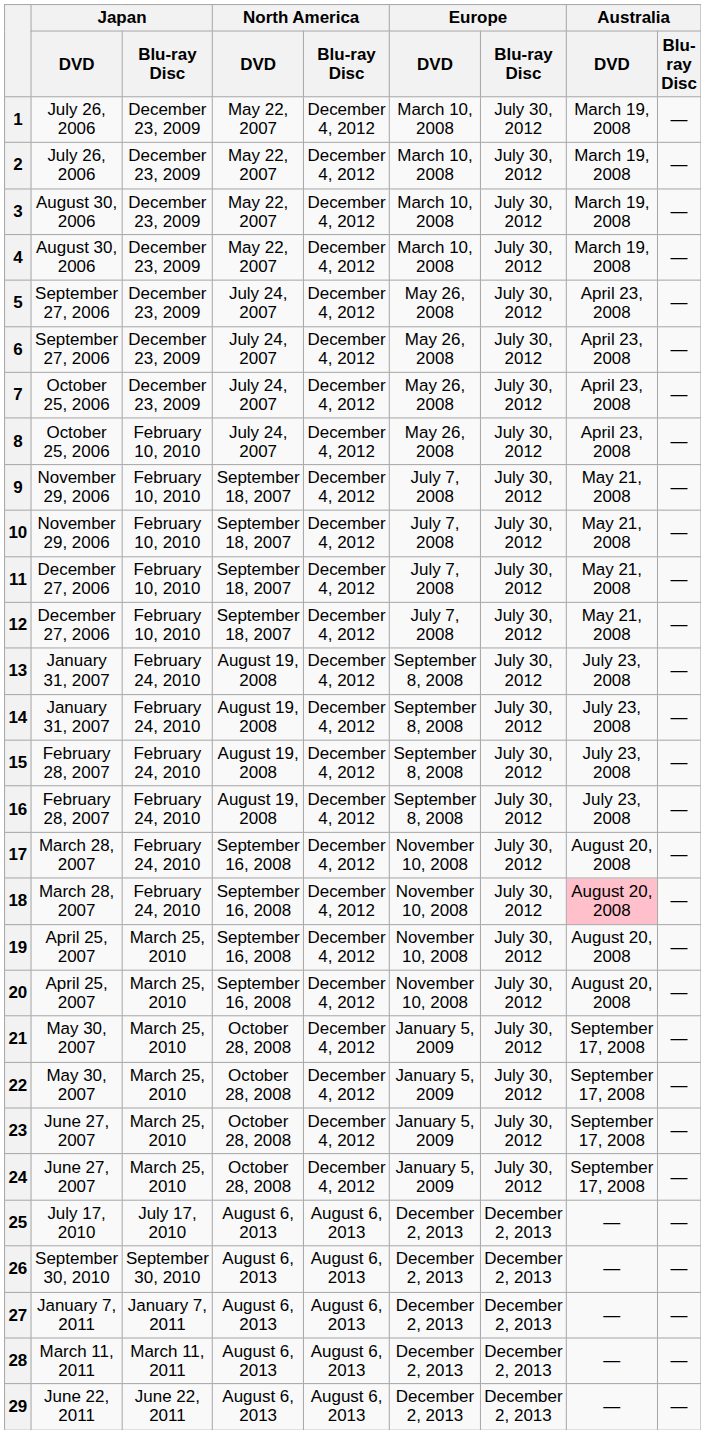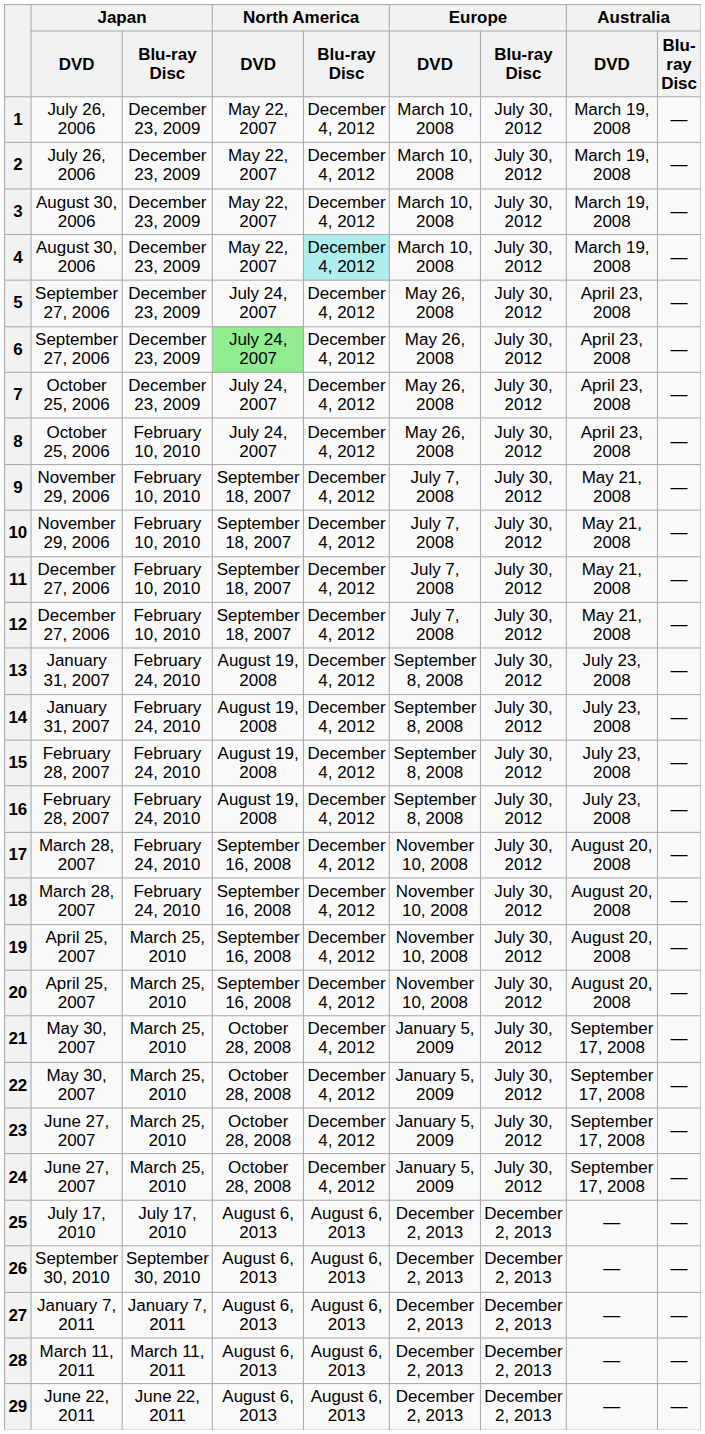 <table class="wikitable" style="text-align: center; width: 99%;">
 <tr>
 <th scope="col" rowspan=2 style="width:  4%;"></th>
 <th scope="col" colspan=2 style="width: 24%;">Japan</th>
 <th scope="col" colspan=2 style="width: 24%;">North America</th>
 <th scope="col" colspan=2 style="width: 24%;">Europe</th>
 <th scope="col" colspan=2 style="width: 24%;">Australia</th>
 </tr>
 <tr>
 <th scope="col"           style="width: 12%;">DVD</th>
 <th scope="col"           style="width: 12%;">Blu-ray Disc</th>
 <th scope="col"           style="width: 12%;">DVD</th>
 <th scope="col"           style="width: 12%;">Blu-ray Disc</th>
 <th scope="col"           style="width: 12%;">DVD</th>
 <th scope="col"           style="width: 12%;">Blu-ray Disc</th>
 <th scope="col"           style="width: 12%;">DVD</th>
 <th scope="col"           style="width: 12%;">Blu-ray Disc</th>
 </tr>
 <tr>
 <th scope="row">1</th>
 <td>July 26, 2006</td>
 <td>December 23, 2009</td>
 <td>May 22, 2007</td>
 <td>December 4, 2012</td>
 <td>March 10, 2008</td>
 <td>July 30, 2012</td>
 <td>March 19, 2008</td>
 <td>—</td>
 </tr>
 <tr>
 <th scope="row">2</th>
 <td>July 26, 2006</td>
 <td>December 23, 2009</td>
 <td>May 22, 2007</td>
 <td>December 4, 2012</td>
 <td>March 10, 2008</td>
 <td>July 30, 2012</td>
 <td>March 19, 2008</td>
 <td>—</td>
 </tr>
 <tr>
 <th scope="row">3</th>
 <td>August 30, 2006</td>
 <td>December 23, 2009</td>
 <td>May 22, 2007</td>
 <td>December 4, 2012</td>
 <td>March 10, 2008</td>
 <td>July 30, 2012</td>
 <td>March 19, 2008</td>
 <td>—</td>
 </tr>
 <tr>
 <th scope="row">4</th>
 <td>August 30, 2006</td>
 <td>December 23, 2009</td>
 <td>May 22, 2007</td>
-<td>December 4, 2012</td>
+<td style="background: paleturquoise;">December 4, 2012</td>
 <td>March 10, 2008</td>
 <td>July 30, 2012</td>
 <td>March 19, 2008</td>
 <td>—</td>
 </tr>
 <tr>
 <th scope="row">5</th>
 <td>September 27, 2006</td>
 <td>December 23, 2009</td>
 <td>July 24, 2007</td>
 <td>December 4, 2012</td>
 <td>May 26, 2008</td>
 <td>July 30, 2012</td>
 <td>April 23, 2008</td>
 <td>—</td>
 </tr>
 <tr>
 <th scope="row">6</th>
 <td>September 27, 2006</td>
 <td>December 23, 2009</td>
-<td>July 24, 2007</td>
+<td style="background: lightgreen;">July 24, 2007</td>
 <td>December 4, 2012</td>
 <td>May 26, 2008</td>
 <td>July 30, 2012</td>
 <td>April 23, 2008</td>
 <td>—</td>
 </tr>
 <tr>
 <th scope="row">7</th>
 <td>October 25, 2006</td>
 <td>December 23, 2009</td>
 <td>July 24, 2007</td>
 <td>December 4, 2012</td>
 <td>May 26, 2008</td>
 <td>July 30, 2012</td>
 <td>April 23, 2008</td>
 <td>—</td>
 </tr>
 <tr>
 <th scope="row">8</th>
 <td>October 25, 2006</td>
 <td>February 10, 2010</td>
 <td>July 24, 2007</td>
 <td>December 4, 2012</td>
 <td>May 26, 2008</td>
 <td>July 30, 2012</td>
 <td>April 23, 2008</td>
 <td>—</td>
 </tr>
 <tr>
 <th scope="row">9</th>
 <td>November 29, 2006</td>
 <td>February 10, 2010</td>
 <td>September 18, 2007</td>
 <td>December 4, 2012</td>
 <td>July 7, 2008</td>
 <td>July 30, 2012</td>
 <td>May 21, 2008</td>
 <td>—</td>
 </tr>
 <tr>
 <th scope="row">10</th>
 <td>November 29, 2006</td>
 <td>February 10, 2010</td>
 <td>September 18, 2007</td>
 <td>December 4, 2012</td>
 <td>July 7, 2008</td>
 <td>July 30, 2012</td>
 <td>May 21, 2008</td>
 <td>—</td>
 </tr>
 <tr>
 <th scope="row">11</th>
 <td>December 27, 2006</td>
 <td>February 10, 2010</td>
 <td>September 18, 2007</td>
 <td>December 4, 2012</td>
 <td>July 7, 2008</td>
 <td>July 30, 2012</td>
 <td>May 21, 2008</td>
 <td>—</td>
 </tr>
 <tr>
 <th scope="row">12</th>
 <td>December 27, 2006</td>
 <td>February 10, 2010</td>
 <td>September 18, 2007</td>
 <td>December 4, 2012</td>
 <td>July 7, 2008</td>
 <td>July 30, 2012</td>
 <td>May 21, 2008</td>
 <td>—</td>
 </tr>
 <tr>
 <th scope="row">13</th>
 <td>January 31, 2007</td>
 <td>February 24, 2010</td>
 <td>August 19, 2008</td>
 <td>December 4, 2012</td>
 <td>September 8, 2008</td>
 <td>July 30, 2012</td>
 <td>July 23, 2008</td>
 <td>—</td>
 </tr>
 <tr>
 <th scope="row">14</th>
 <td>January 31, 2007</td>
 <td>February 24, 2010</td>
 <td>August 19, 2008</td>
 <td>December 4, 2012</td>
 <td>September 8, 2008</td>
 <td>July 30, 2012</td>
 <td>July 23, 2008</td>
 <td>—</td>
 </tr>
 <tr>
 <th scope="row">15</th>
 <td>February 28, 2007</td>
 <td>February 24, 2010</td>
 <td>August 19, 2008</td>
 <td>December 4, 2012</td>
 <td>September 8, 2008</td>
 <td>July 30, 2012</td>
 <td>July 23, 2008</td>
 <td>—</td>
 </tr>
 <tr>
 <th scope="row">16</th>
 <td>February 28, 2007</td>
 <td>February 24, 2010</td>
 <td>August 19, 2008</td>
 <td>December 4, 2012</td>
 <td>September 8, 2008</td>
 <td>July 30, 2012</td>
 <td>July 23, 2008</td>
 <td>—</td>
 </tr>
 <tr>
 <th scope="row">17</th>
 <td>March 28, 2007</td>
 <td>February 24, 2010</td>
 <td>September 16, 2008</td>
 <td>December 4, 2012</td>
 <td>November 10, 2008</td>
 <td>July 30, 2012</td>
 <td>August 20, 2008</td>
 <td>—</td>
 </tr>
 <tr>
 <th scope="row">18</th>
 <td>March 28, 2007</td>
 <td>February 24, 2010</td>
 <td>September 16, 2008</td>
 <td>December 4, 2012</td>
 <td>November 10, 2008</td>
 <td>July 30, 2012</td>
-<td style="background: pink;">August 20, 2008</td>
+<td>August 20, 2008</td>
 <td>—</td>
 </tr>
 <tr>
 <th scope="row">19</th>
 <td>April 25, 2007</td>
 <td>March 25, 2010</td>
 <td>September 16, 2008</td>
 <td>December 4, 2012</td>
 <td>November 10, 2008</td>
 <td>July 30, 2012</td>
 <td>August 20, 2008</td>
 <td>—</td>
 </tr>
 <tr>
 <th scope="row">20</th>
 <td>April 25, 2007</td>
 <td>March 25, 2010</td>
 <td>September 16, 2008</td>
 <td>December 4, 2012</td>
 <td>November 10, 2008</td>
 <td>July 30, 2012</td>
 <td>August 20, 2008</td>
 <td>—</td>
 </tr>
 <tr>
 <th scope="row">21</th>
 <td>May 30, 2007</td>
 <td>March 25, 2010</td>
 <td>October 28, 2008</td>
 <td>December 4, 2012</td>
 <td>January 5, 2009</td>
 <td>July 30, 2012</td>
 <td>September 17, 2008</td>
 <td>—</td>
 </tr>
 <tr>
 <th scope="row">22</th>
 <td>May 30, 2007</td>
 <td>March 25, 2010</td>
 <td>October 28, 2008</td>
 <td>December 4, 2012</td>
 <td>January 5, 2009</td>
 <td>July 30, 2012</td>
 <td>September 17, 2008</td>
 <td>—</td>
 </tr>
 <tr>
 <th scope="row">23</th>
 <td>June 27, 2007</td>
 <td>March 25, 2010</td>
 <td>October 28, 2008</td>
 <td>December 4, 2012</td>
 <td>January 5, 2009</td>
 <td>July 30, 2012</td>
 <td>September 17, 2008</td>
 <td>—</td>
 </tr>
 <tr>
 <th scope="row">24</th>
 <td>June 27, 2007</td>
 <td>March 25, 2010</td>
 <td>October 28, 2008</td>
 <td>December 4, 2012</td>
 <td>January 5, 2009</td>
 <td>July 30, 2012</td>
 <td>September 17, 2008</td>
 <td>—</td>
 </tr>
 <tr>
 <th scope="row">25</th>
 <td>July 17, 2010</td>
 <td>July 17, 2010</td>
 <td>August 6, 2013</td>
 <td>August 6, 2013</td>
 <td>December 2, 2013</td>
 <td>December 2, 2013</td>
 <td>—</td>
 <td>—</td>
 </tr>
 <tr>
 <th scope="row">26</th>
 <td>September 30, 2010</td>
 <td>September 30, 2010</td>
 <td>August 6, 2013</td>
 <td>August 6, 2013</td>
 <td>December 2, 2013</td>
 <td>December 2, 2013</td>
 <td>—</td>
 <td>—</td>
 </tr>
 <tr>
 <th scope="row">27</th>
 <td>January 7, 2011</td>
 <td>January 7, 2011</td>
 <td>August 6, 2013</td>
 <td>August 6, 2013</td>
 <td>December 2, 2013</td>
 <td>December 2, 2013</td>
 <td>—</td>
 <td>—</td>
 </tr>
 <tr>
 <th scope="row">28</th>
 <td>March 11, 2011</td>
 <td>March 11, 2011</td>
 <td>August 6, 2013</td>
 <td>August 6, 2013</td>
 <td>December 2, 2013</td>
 <td>December 2, 2013</td>
 <td>—</td>
 <td>—</td>
 </tr>
 <tr>
 <th scope="row">29</th>
 <td>June 22, 2011</td>
 <td>June 22, 2011</td>
 <td>August 6, 2013</td>
 <td>August 6, 2013</td>
 <td>December 2, 2013</td>
 <td>December 2, 2013</td>
 <td>—</td>
 <td>—</td>
 </tr>
 </table>
